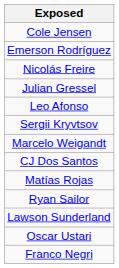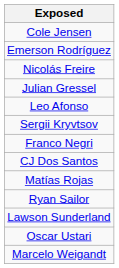 <table class="wikitable" style="text-align:center">
 <tr>
 <th>Exposed</th>
 </tr>
 <tr>
 <td><a href='#'>Cole Jensen</a></td>
 </tr>
 <tr>
 <td><a href='#'>Emerson Rodríguez</a></td>
 </tr>
 <tr>
 <td><a href='#'>Nicolás Freire</a></td>
 </tr>
 <tr>
 <td><a href='#'>Julian Gressel</a></td>
 </tr>
 <tr>
 <td><a href='#'>Leo Afonso</a></td>
 </tr>
 <tr>
 <td><a href='#'>Sergii Kryvtsov</a></td>
 </tr>
 <tr>
-<td><a href='#'>Marcelo Weigandt</a></td>
+<td><a href='#'>Franco Negri</a></td>
 </tr>
 <tr>
 <td><a href='#'>CJ Dos Santos</a></td>
 </tr>
 <tr>
 <td><a href='#'>Matías Rojas</a></td>
 </tr>
 <tr>
 <td><a href='#'>Ryan Sailor</a></td>
 </tr>
 <tr>
 <td><a href='#'>Lawson Sunderland</a></td>
 </tr>
 <tr>
 <td><a href='#'>Oscar Ustari</a></td>
 </tr>
 <tr>
-<td><a href='#'>Franco Negri</a></td>
+<td><a href='#'>Marcelo Weigandt</a></td>
 </tr>
 </table>
